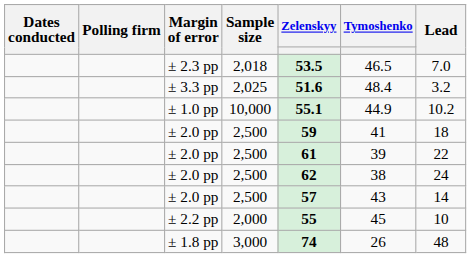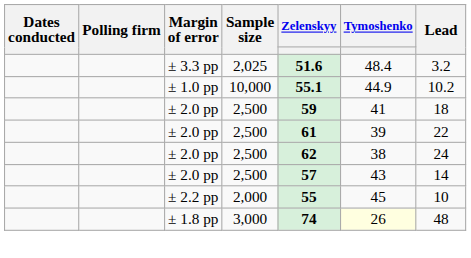 <table class="wikitable sortable mw-datatable mw-collapsible" style="text-align:center;font-size:90%;line-height:14px;">
 <tr style="height:40px;">
 <th rowspan="2">Dates<br>conducted</th>
 <th rowspan="2">Polling firm</th>
 <th rowspan="2">Margin<br>of error</th>
 <th rowspan="2">Sample<br>size</th>
 <th><small><a href='#'>Zelenskyy</a></small><br></th>
 <th><small><a href='#'>Tymoshenko</a></small><br></th>
 <th rowspan="2" style="width:40px;">Lead</th>
 </tr>
 <tr>
 <th data-sort-type="number" style="background:"></th>
 <th data-sort-type="number" style="background:"></th>
-</tr>
-<tr>
-<td></td>
-<td></td>
-<td>± 2.3 pp</td>
-<td>2,018</td>
-<td style="background:#D7F0DB;"><strong>53.5</strong></td>
-<td>46.5</td>
-<td style="background:">7.0</td>
 </tr>
 <tr>
 <td></td>
 <td></td>
 <td>± 3.3 pp</td>
 <td>2,025</td>
 <td style="background:#D7F0DB;"><strong>51.6</strong></td>
 <td>48.4</td>
 <td style="background:">3.2</td>
 </tr>
 <tr>
 <td></td>
 <td></td>
 <td>± 1.0 pp</td>
 <td>10,000</td>
 <td style="background:#D7F0DB;"><strong>55.1</strong></td>
 <td>44.9</td>
 <td style="background:">10.2</td>
 </tr>
 <tr>
 <td></td>
 <td></td>
 <td>± 2.0 pp</td>
 <td>2,500</td>
 <td style="background:#D7F0DB;"><strong>59</strong></td>
 <td>41</td>
 <td style="background:">18</td>
 </tr>
 <tr>
 <td></td>
 <td></td>
 <td>± 2.0 pp</td>
 <td>2,500</td>
 <td style="background:#D7F0DB"><strong>61</strong></td>
 <td>39</td>
 <td style="background:">22</td>
 </tr>
 <tr>
 <td></td>
 <td></td>
 <td>± 2.0 pp</td>
 <td>2,500</td>
 <td style="background:#D7F0DB"><strong>62</strong></td>
 <td>38</td>
 <td style="background:">24</td>
 </tr>
 <tr>
 <td></td>
 <td></td>
 <td>± 2.0 pp</td>
 <td>2,500</td>
 <td style="background:#D7F0DB"><strong>57</strong></td>
 <td>43</td>
 <td style="background:">14</td>
 </tr>
 <tr>
 <td></td>
 <td></td>
 <td>± 2.2 pp</td>
 <td>2,000</td>
 <td style="background:#D7F0DB"><strong>55</strong></td>
 <td>45</td>
 <td style="background:">10</td>
 </tr>
 <tr>
 <td></td>
 <td></td>
 <td>± 1.8 pp</td>
 <td>3,000</td>
 <td style="background:#D7F0DB"><strong>74</strong></td>
-<td>26</td>
+<td style="background: lightyellow;">26</td>
 <td style="background:">48</td>
 </tr>
 </table>
